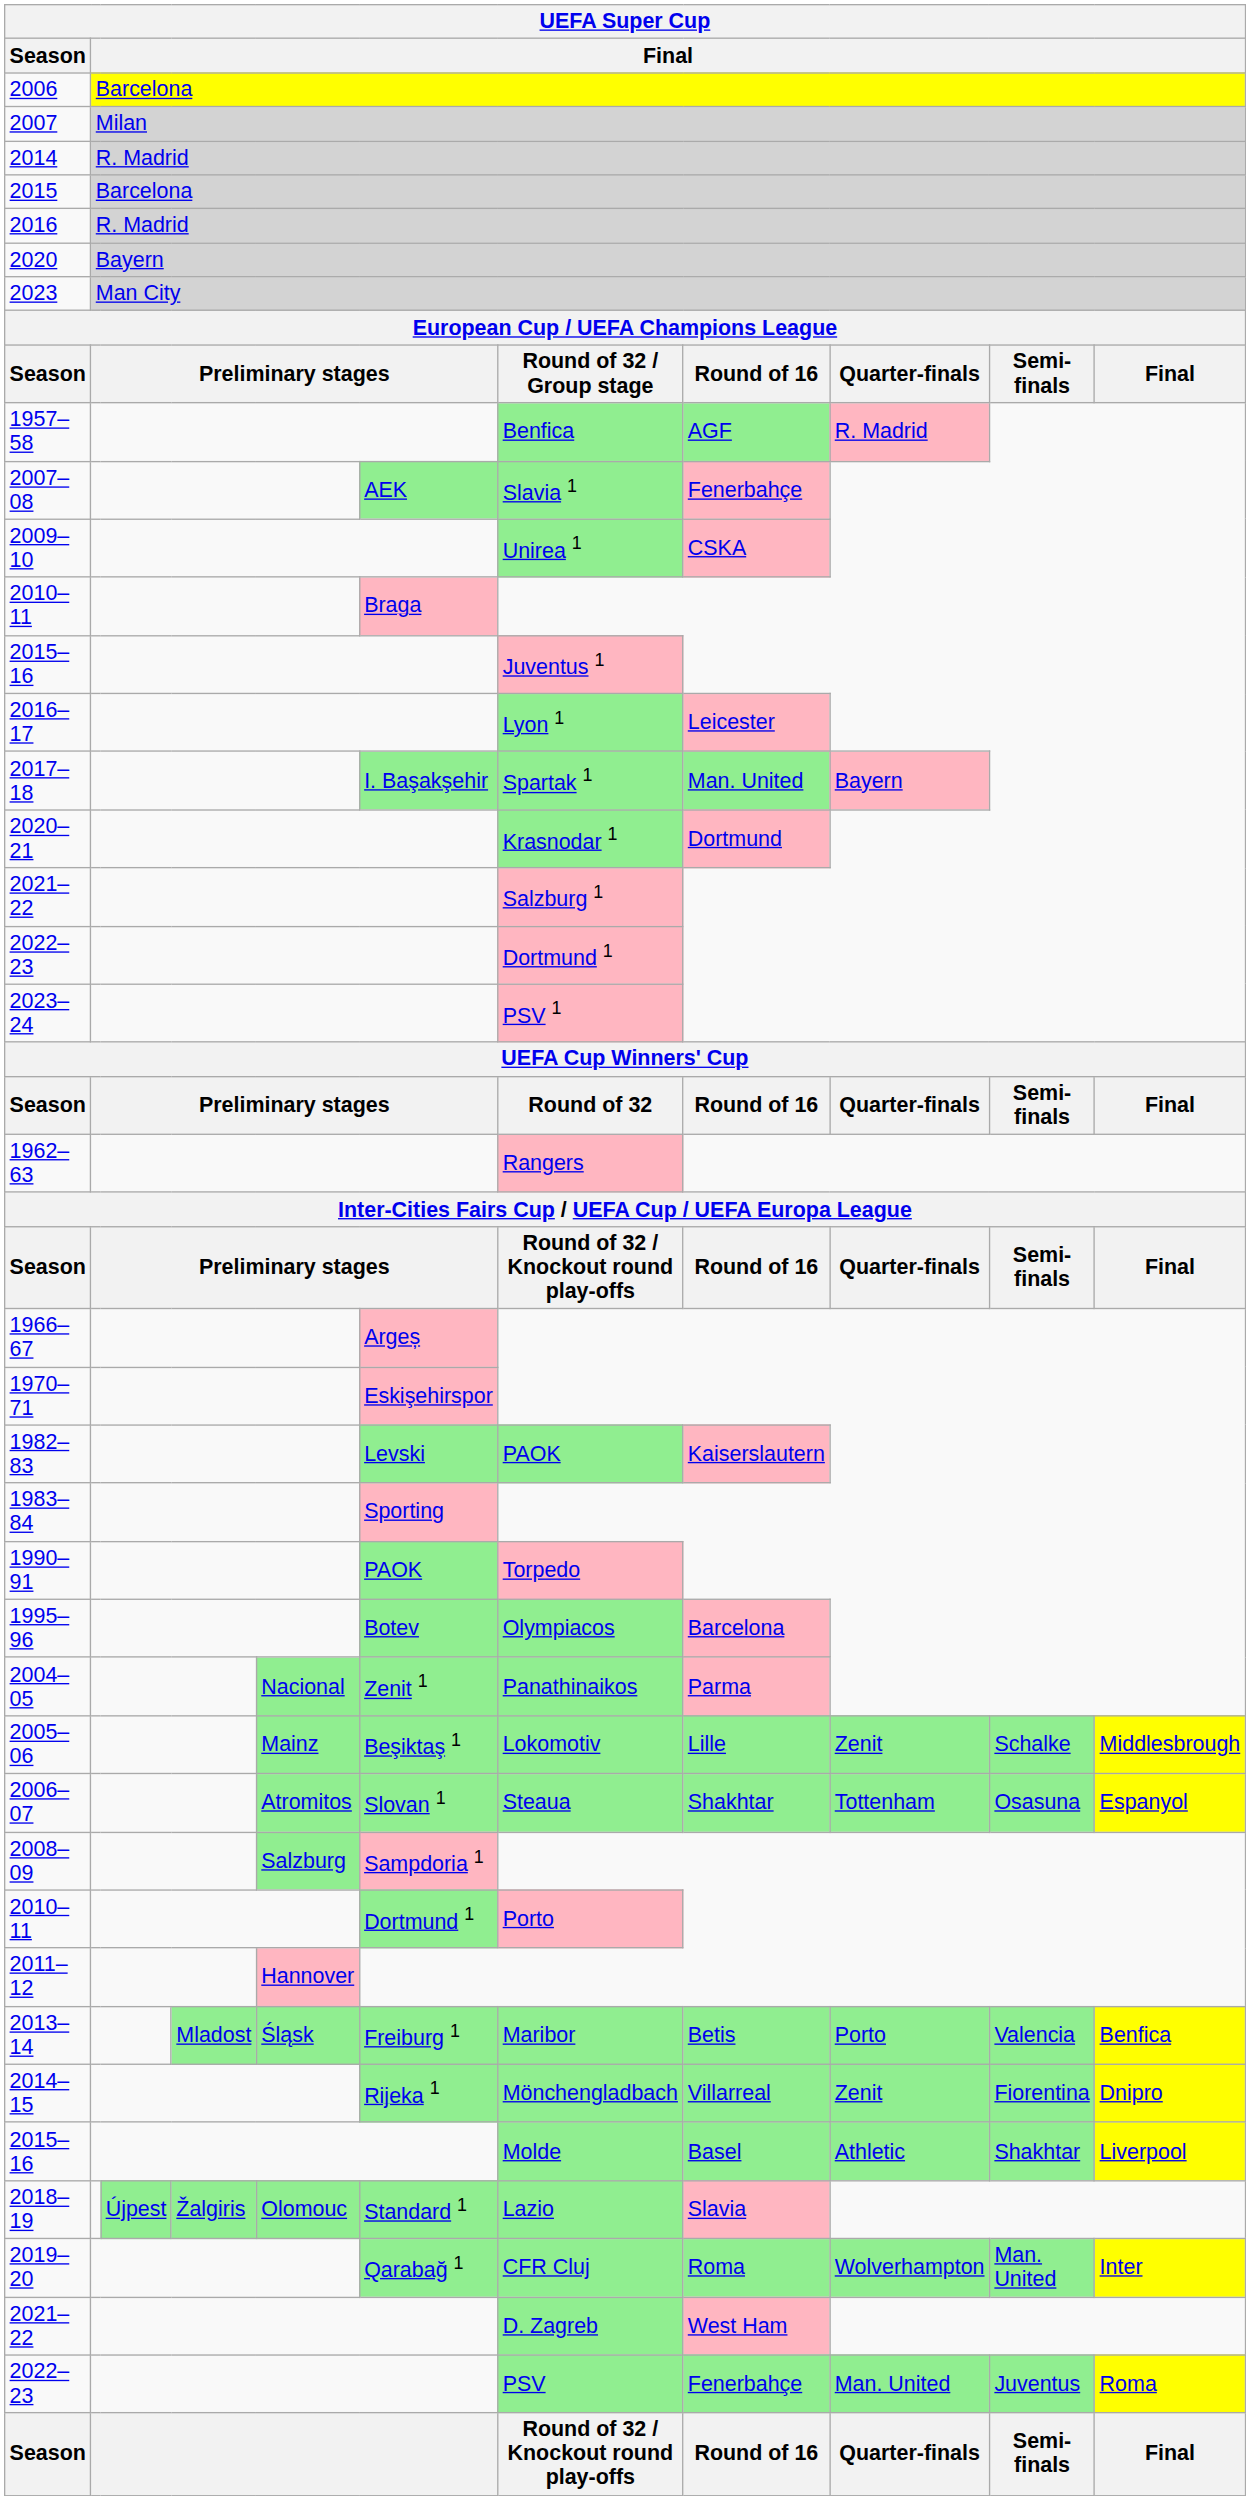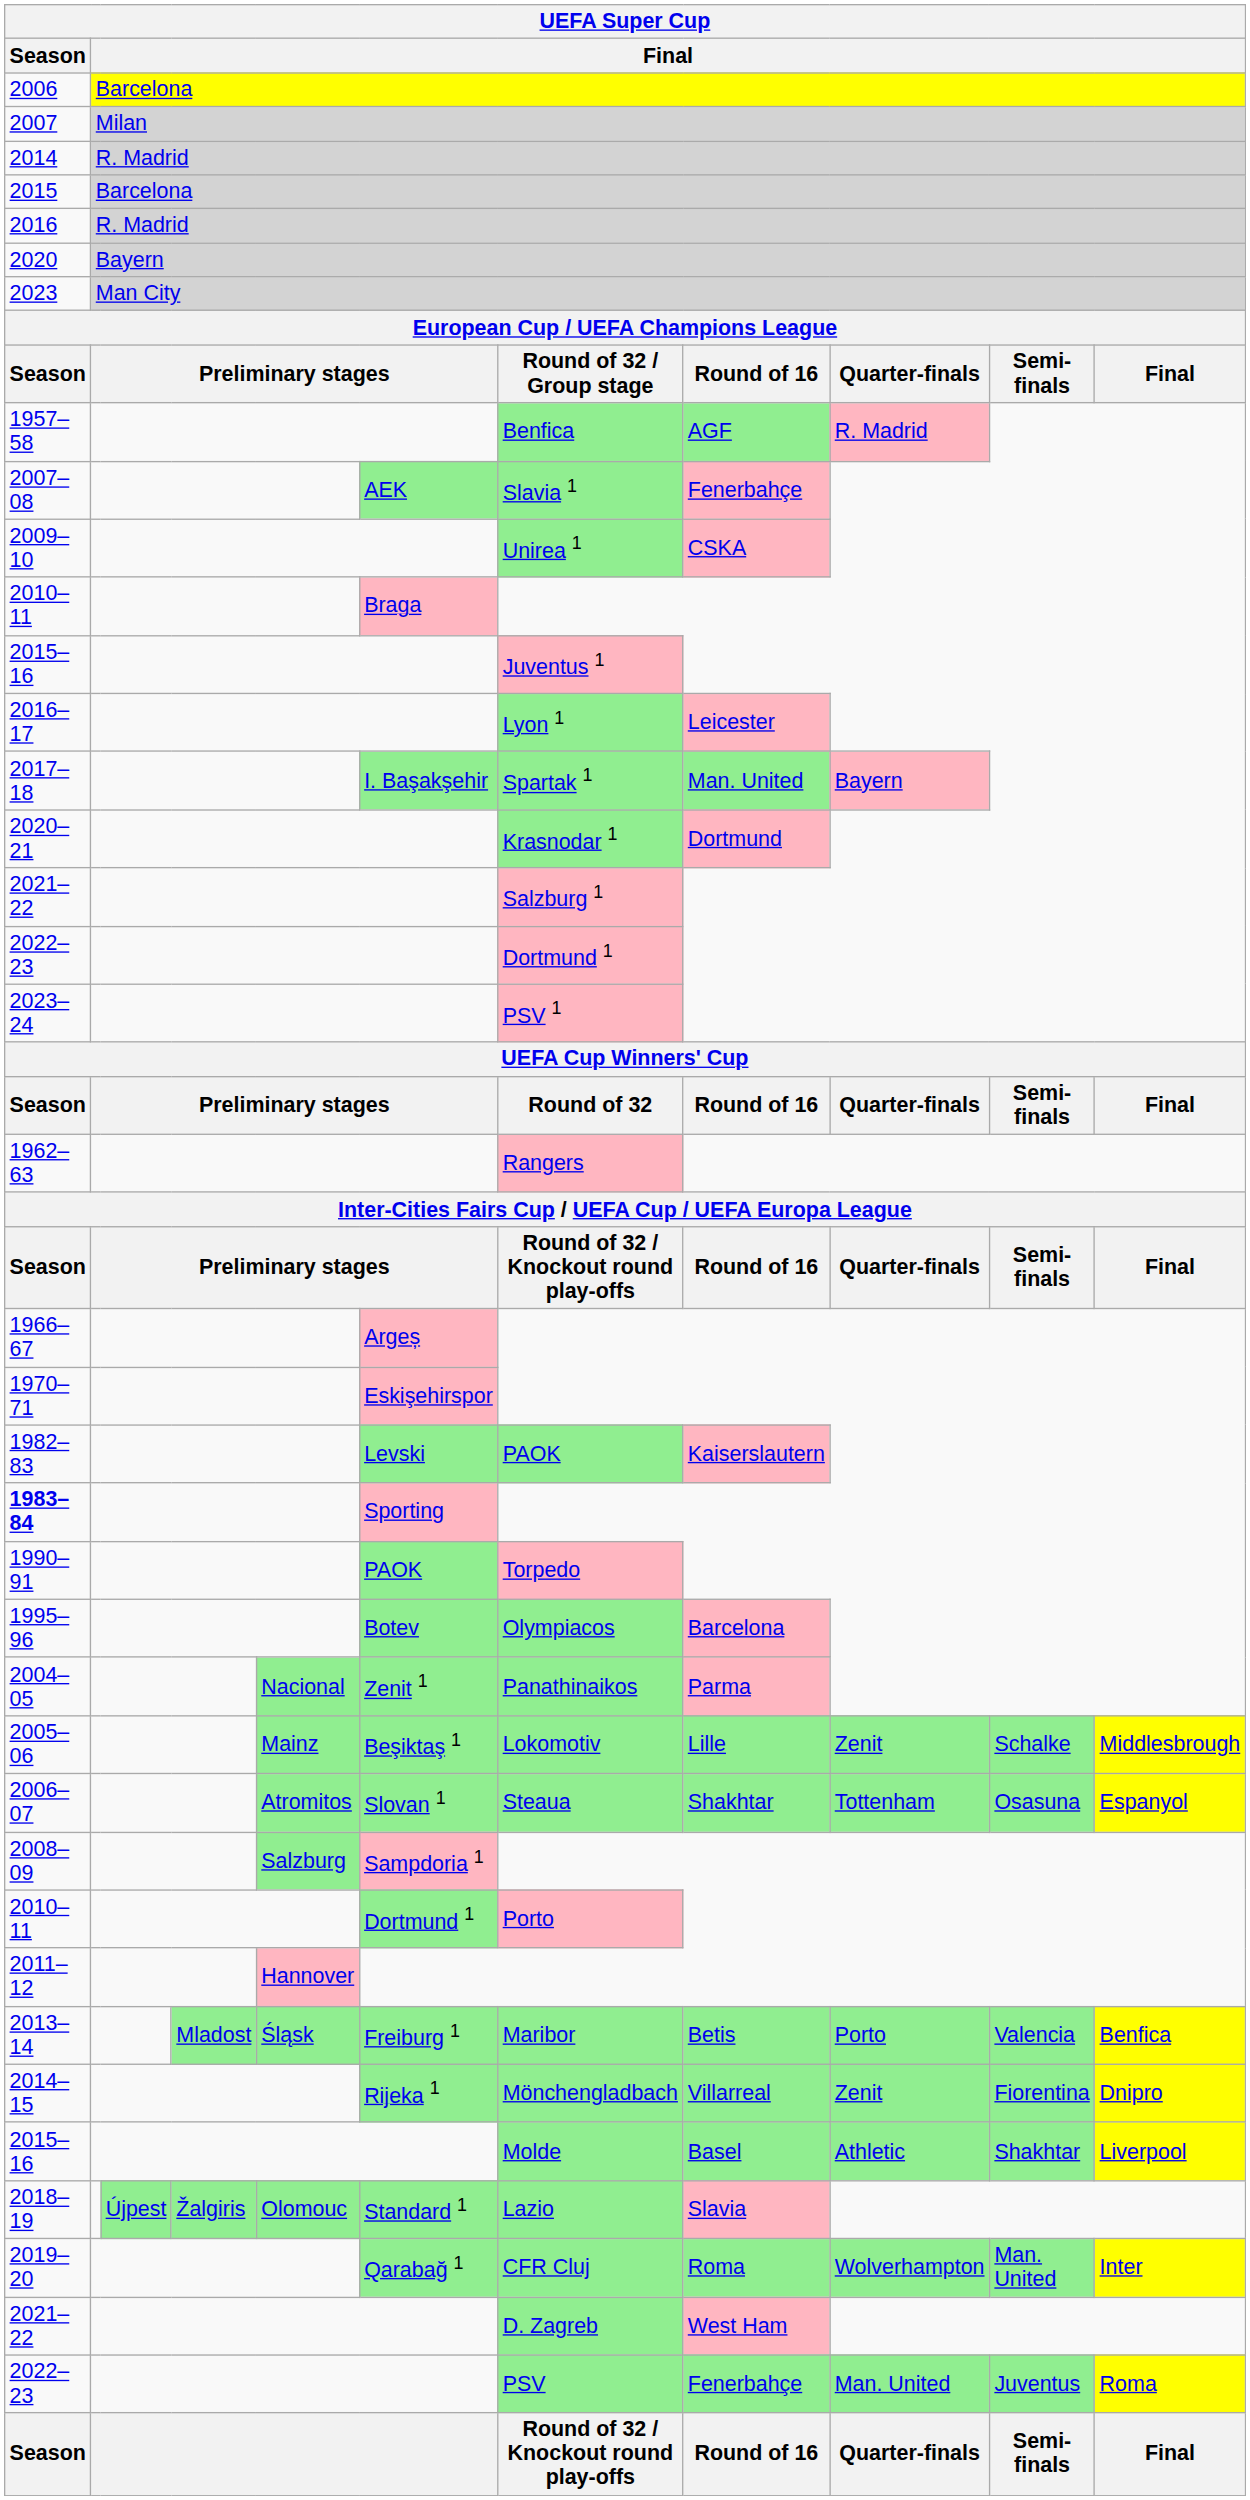 <table class="wikitable">
 <tr>
 <th colspan=20><a href='#'>UEFA Super Cup</a></th>
 </tr>
 <tr>
 <th>Season</th>
 <th colspan=15>Final</th>
 </tr>
 <tr>
 <td><a href='#'>2006</a></td>
 <td colspan=15 style="background:yellow;"> <a href='#'>Barcelona</a></td>
 </tr>
 <tr>
 <td><a href='#'>2007</a></td>
 <td colspan=15 style="background:lightgrey;"> <a href='#'>Milan</a></td>
 </tr>
 <tr>
 <td><a href='#'>2014</a></td>
 <td colspan=15 style="background:lightgrey;"> <a href='#'>R. Madrid</a></td>
 </tr>
 <tr>
 <td><a href='#'>2015</a></td>
 <td colspan=15 style="background:lightgrey;"> <a href='#'>Barcelona</a></td>
 </tr>
 <tr>
 <td><a href='#'>2016</a></td>
 <td colspan=15 style="background:lightgrey;"> <a href='#'>R. Madrid</a></td>
 </tr>
 <tr>
 <td><a href='#'>2020</a></td>
 <td colspan=15 style="background:lightgrey;"> <a href='#'>Bayern</a></td>
 </tr>
 <tr>
 <td><a href='#'>2023</a></td>
 <td colspan=15 style="background:lightgrey;"> <a href='#'>Man City</a></td>
 </tr>
 <tr>
 <th colspan=20><a href='#'>European Cup / UEFA Champions League</a></th>
 </tr>
 <tr>
 <th>Season</th>
 <th colspan=10>Preliminary stages</th>
 <th>Round of 32 / Group stage</th>
 <th>Round of 16</th>
 <th>Quarter-finals</th>
 <th>Semi-finals</th>
 <th>Final</th>
 </tr>
 <tr>
 <td><a href='#'>1957–58</a></td>
 <td colspan=10></td>
 <td style="background:lightgreen;"> <a href='#'>Benfica</a></td>
 <td style="background:lightgreen;"> <a href='#'>AGF</a></td>
 <td style="background:lightpink;"> <a href='#'>R. Madrid</a></td>
 </tr>
 <tr>
 <td><a href='#'>2007–08</a></td>
 <td colspan=9></td>
 <td style="background:lightgreen;"> <a href='#'>AEK</a></td>
 <td style="background:lightgreen;"> <a href='#'>Slavia</a> <sup>1</sup></td>
 <td style="background:lightpink;"> <a href='#'>Fenerbahçe</a></td>
 </tr>
 <tr>
 <td><a href='#'>2009–10</a></td>
 <td colspan=10></td>
 <td style="background:lightgreen;"> <a href='#'>Unirea</a> <sup>1</sup></td>
 <td style="background:lightpink;"> <a href='#'>CSKA</a></td>
 </tr>
 <tr>
 <td><a href='#'>2010–11</a></td>
 <td colspan=9></td>
 <td style="background:lightpink;"> <a href='#'>Braga</a></td>
 </tr>
 <tr>
 <td><a href='#'>2015–16</a></td>
 <td colspan=10></td>
 <td style="background:lightpink;"> <a href='#'>Juventus</a> <sup>1</sup></td>
 </tr>
 <tr>
 <td><a href='#'>2016–17</a></td>
 <td colspan=10></td>
 <td style="background:lightgreen;"> <a href='#'>Lyon</a> <sup>1</sup></td>
 <td style="background:lightpink;"> <a href='#'>Leicester</a></td>
 </tr>
 <tr>
 <td><a href='#'>2017–18</a></td>
 <td colspan=9></td>
 <td style="background:lightgreen;"> <a href='#'>I. Başakşehir</a></td>
 <td style="background:lightgreen;"> <a href='#'>Spartak</a> <sup>1</sup></td>
 <td style="background:lightgreen;"> <a href='#'>Man. United</a></td>
 <td style="background:lightpink;"> <a href='#'>Bayern</a></td>
 </tr>
 <tr>
 <td><a href='#'>2020–21</a></td>
 <td colspan=10></td>
 <td style="background:lightgreen;"> <a href='#'>Krasnodar</a> <sup>1</sup></td>
 <td style="background:lightpink;"> <a href='#'>Dortmund</a></td>
 </tr>
 <tr>
 <td><a href='#'>2021–22</a></td>
 <td colspan=10></td>
 <td style="background:lightpink;"> <a href='#'>Salzburg</a> <sup>1</sup></td>
 </tr>
 <tr>
 <td><a href='#'>2022–23</a></td>
 <td colspan=10></td>
 <td style="background:lightpink;"> <a href='#'>Dortmund</a> <sup>1</sup></td>
 </tr>
 <tr>
 <td><a href='#'>2023–24</a></td>
 <td colspan=10></td>
 <td style="background:lightpink;"> <a href='#'>PSV</a> <sup>1</sup></td>
 </tr>
 <tr>
 <th colspan=20><a href='#'>UEFA Cup Winners' Cup</a></th>
 </tr>
 <tr>
 <th>Season</th>
 <th colspan=10>Preliminary stages</th>
 <th>Round of 32</th>
 <th>Round of 16</th>
 <th>Quarter-finals</th>
 <th>Semi-finals</th>
 <th>Final</th>
 </tr>
 <tr>
 <td><a href='#'>1962–63</a></td>
 <td colspan=10></td>
 <td style="background:lightpink;"> <a href='#'>Rangers</a></td>
 </tr>
 <tr>
 <th colspan=20><a href='#'>Inter-Cities Fairs Cup</a> / <a href='#'>UEFA Cup / UEFA Europa League</a></th>
 </tr>
 <tr>
 <th>Season</th>
 <th colspan=10>Preliminary stages</th>
 <th>Round of 32 / Knockout round play-offs</th>
 <th>Round of 16</th>
 <th>Quarter-finals</th>
 <th>Semi-finals</th>
 <th>Final</th>
 </tr>
 <tr>
 <td><a href='#'>1966–67</a></td>
 <td colspan=9></td>
 <td style="background:lightpink;"> <a href='#'>Argeș</a></td>
 </tr>
 <tr>
 <td><a href='#'>1970–71</a></td>
 <td colspan=9></td>
 <td style="background:lightpink;"> <a href='#'>Eskişehirspor</a></td>
 </tr>
 <tr>
 <td><a href='#'>1982–83</a></td>
 <td colspan=9></td>
 <td style="background:lightgreen;"> <a href='#'>Levski</a></td>
 <td style="background:lightgreen;"> <a href='#'>PAOK</a></td>
 <td style="background:lightpink;"> <a href='#'>Kaiserslautern</a></td>
 </tr>
 <tr>
-<td><a href='#'>1983–84</a></td>
+<td><strong><a href='#'>1983–84</a></strong></td>
 <td colspan=9></td>
 <td style="background:lightpink;"> <a href='#'>Sporting</a></td>
 </tr>
 <tr>
 <td><a href='#'>1990–91</a></td>
 <td colspan=9></td>
 <td style="background:lightgreen;"> <a href='#'>PAOK</a></td>
 <td style="background:lightpink;"> <a href='#'>Torpedo</a></td>
 </tr>
 <tr>
 <td><a href='#'>1995–96</a></td>
 <td colspan=9></td>
 <td style="background:lightgreen;"> <a href='#'>Botev</a></td>
 <td style="background:lightgreen;"> <a href='#'>Olympiacos</a></td>
 <td style="background:lightpink;"> <a href='#'>Barcelona</a></td>
 </tr>
 <tr>
 <td><a href='#'>2004–05</a></td>
 <td colspan=8></td>
 <td style="background:lightgreen;"> <a href='#'>Nacional</a></td>
 <td style="background:lightgreen;"> <a href='#'>Zenit</a> <sup>1</sup></td>
 <td style="background:lightgreen;"> <a href='#'>Panathinaikos</a></td>
 <td style="background:lightpink;"> <a href='#'>Parma</a></td>
 </tr>
 <tr>
 <td><a href='#'>2005–06</a></td>
 <td colspan=8></td>
 <td style="background:lightgreen;"> <a href='#'>Mainz</a></td>
 <td style="background:lightgreen;"> <a href='#'>Beşiktaş</a> <sup>1</sup></td>
 <td style="background:lightgreen;"> <a href='#'>Lokomotiv</a></td>
 <td style="background:lightgreen;"> <a href='#'>Lille</a></td>
 <td style="background:lightgreen;"> <a href='#'>Zenit</a></td>
 <td style="background:lightgreen;"> <a href='#'>Schalke</a></td>
 <td style="background:yellow;"> <a href='#'>Middlesbrough</a></td>
 </tr>
 <tr>
 <td><a href='#'>2006–07</a></td>
 <td colspan=8></td>
 <td style="background:lightgreen;"> <a href='#'>Atromitos</a></td>
 <td style="background:lightgreen;"> <a href='#'>Slovan</a> <sup>1</sup></td>
 <td style="background:lightgreen;"> <a href='#'>Steaua</a></td>
 <td style="background:lightgreen;"> <a href='#'>Shakhtar</a></td>
 <td style="background:lightgreen;"> <a href='#'>Tottenham</a></td>
 <td style="background:lightgreen;"> <a href='#'>Osasuna</a></td>
 <td style="background:yellow;"> <a href='#'>Espanyol</a></td>
 </tr>
 <tr>
 <td><a href='#'>2008–09</a></td>
 <td colspan=8></td>
 <td style="background:lightgreen;"> <a href='#'>Salzburg</a></td>
 <td style="background:lightpink;"> <a href='#'>Sampdoria</a> <sup>1</sup></td>
 </tr>
 <tr>
 <td><a href='#'>2010–11</a></td>
 <td colspan=9></td>
 <td style="background:lightgreen;"> <a href='#'>Dortmund</a> <sup>1</sup></td>
 <td style="background:lightpink;"> <a href='#'>Porto</a></td>
 </tr>
 <tr>
 <td><a href='#'>2011–12</a></td>
 <td colspan=8></td>
 <td style="background:lightpink;"> <a href='#'>Hannover</a></td>
 </tr>
 <tr>
 <td><a href='#'>2013–14</a></td>
 <td colspan=7></td>
 <td style="background:lightgreen;"> <a href='#'>Mladost</a></td>
 <td style="background:lightgreen;"> <a href='#'>Śląsk</a></td>
 <td style="background:lightgreen;"> <a href='#'>Freiburg</a> <sup>1</sup></td>
 <td style="background:lightgreen;"> <a href='#'>Maribor</a></td>
 <td style="background:lightgreen;"> <a href='#'>Betis</a></td>
 <td style="background:lightgreen;"> <a href='#'>Porto</a></td>
 <td style="background:lightgreen;"> <a href='#'>Valencia</a></td>
 <td style="background:yellow;"> <a href='#'>Benfica</a></td>
 </tr>
 <tr>
 <td><a href='#'>2014–15</a></td>
 <td colspan=9></td>
 <td style="background:lightgreen;"> <a href='#'>Rijeka</a> <sup>1</sup></td>
 <td style="background:lightgreen;"> <a href='#'>Mönchengladbach</a></td>
 <td style="background:lightgreen;"> <a href='#'>Villarreal</a></td>
 <td style="background:lightgreen;"> <a href='#'>Zenit</a></td>
 <td style="background:lightgreen;"> <a href='#'>Fiorentina</a></td>
 <td style="background:yellow;"> <a href='#'>Dnipro</a></td>
 </tr>
 <tr>
 <td><a href='#'>2015–16</a></td>
 <td colspan=10></td>
 <td style="background:lightgreen;"> <a href='#'>Molde</a></td>
 <td style="background:lightgreen;"> <a href='#'>Basel</a></td>
 <td style="background:lightgreen;"> <a href='#'>Athletic</a></td>
 <td style="background:lightgreen;"> <a href='#'>Shakhtar</a></td>
 <td style="background:yellow;"> <a href='#'>Liverpool</a></td>
 </tr>
 <tr>
 <td><a href='#'>2018–19</a></td>
 <td colspan=6></td>
 <td style="background:lightgreen;"> <a href='#'>Újpest</a></td>
 <td style="background:lightgreen;"> <a href='#'>Žalgiris</a></td>
 <td style="background:lightgreen;"> <a href='#'>Olomouc</a></td>
 <td style="background:lightgreen;"> <a href='#'>Standard</a> <sup>1</sup></td>
 <td style="background:lightgreen;"> <a href='#'>Lazio</a></td>
 <td style="background:lightpink;"> <a href='#'>Slavia</a></td>
 </tr>
 <tr>
 <td><a href='#'>2019–20</a></td>
 <td colspan=9></td>
 <td style="background:lightgreen;"> <a href='#'>Qarabağ</a> <sup>1</sup></td>
 <td style="background:lightgreen;"> <a href='#'>CFR Cluj</a></td>
 <td style="background:lightgreen;"> <a href='#'>Roma</a></td>
 <td style="background:lightgreen;"> <a href='#'>Wolverhampton</a></td>
 <td style="background:lightgreen;"> <a href='#'>Man. United</a></td>
 <td style="background:yellow;"> <a href='#'>Inter</a></td>
 </tr>
 <tr>
 <td><a href='#'>2021–22</a></td>
 <td colspan=10></td>
 <td style="background:lightgreen;"> <a href='#'>D. Zagreb</a></td>
 <td style="background:lightpink;"> <a href='#'>West Ham</a></td>
 </tr>
 <tr>
 <td><a href='#'>2022–23</a></td>
 <td colspan=10></td>
 <td style="background:lightgreen;"> <a href='#'>PSV</a></td>
 <td style="background:lightgreen;"> <a href='#'>Fenerbahçe</a></td>
 <td style="background:lightgreen;"> <a href='#'>Man. United</a></td>
 <td style="background:lightgreen;"> <a href='#'>Juventus</a></td>
 <td style="background:yellow;”"> <a href='#'>Roma</a></td>
 </tr>
 <tr>
 <th>Season</th>
 <th colspan=10></th>
 <th>Round of 32 / Knockout round play-offs</th>
 <th>Round of 16</th>
 <th>Quarter-finals</th>
 <th>Semi-finals</th>
 <th>Final</th>
 </tr>
 </table>
